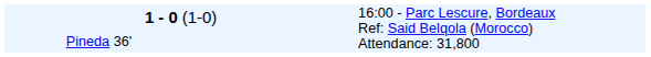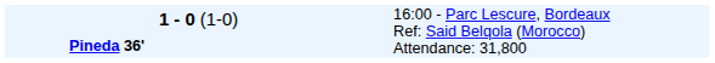 <table cellspacing=0 width=100% style=background:#EBF5FF>
 <tr>
 <td width="20%" align="right"><strong></strong></td>
 <td align="center" width=15%><strong>1 - 0</strong> (1-0)</td>
 <td width="20%"><strong></strong></td>
 <td style=font-size:85% rowspan=3>16:00 - <a href='#'>Parc Lescure</a>, <a href='#'>Bordeaux</a><br>Ref: <a href='#'>Said Belqola</a> (<a href='#'>Morocco</a>)<br>Attendance: 31,800</td>
 </tr>
 <tr style=font-size:85%>
-<td align="right"><a href='#'>Pineda</a> 36'</td>
+<td align="right"><strong><a href='#'>Pineda</a> 36'</strong></td>
 </tr>
 </table>
